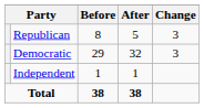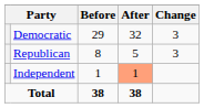 <table class="wikitable" style="text-align:center;">
 <tr>
 </tr>
 <tr>
 <th colspan=2>Party</th>
 <th>Before</th>
 <th>After</th>
 <th>Change</th>
 </tr>
 <tr>
 <th style="background-color:"></th>
+<td style="text-align:left;"><a href='#'>Democratic</a></td>
+<td>29</td>
+<td>32</td>
+<td> 3</td>
+</tr>
+<tr>
+<th style="background-color:"></th>
 <td style="text-align:left;"><a href='#'>Republican</a></td>
 <td>8</td>
 <td>5</td>
 <td> 3</td>
 </tr>
 <tr>
 <th style="background-color:"></th>
-<td style="text-align:left;"><a href='#'>Democratic</a></td>
-<td>29</td>
-<td>32</td>
-<td> 3</td>
-</tr>
-<tr>
-<th style="background-color:"></th>
 <td style="text-align:left;"><a href='#'>Independent</a></td>
 <td>1</td>
-<td>1</td>
+<td style="background: lightsalmon;">1</td>
 <td></td>
 </tr>
 <tr>
 <td colspan=2><strong>Total</strong></td>
 <td><strong>38</strong></td>
 <td><strong>38</strong></td>
 <td></td>
 </tr>
 </table>
